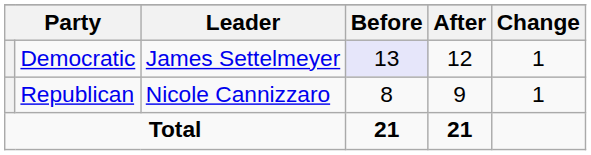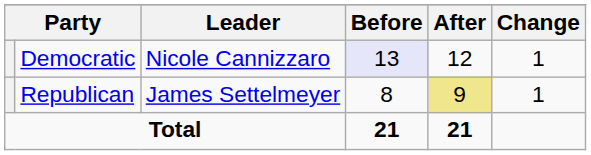 <table class="wikitable" style="text-align:center;">
 <tr>
 </tr>
 <tr>
 <th colspan=2>Party</th>
 <th>Leader</th>
 <th>Before</th>
 <th>After</th>
 <th>Change</th>
 </tr>
 <tr>
 <th style="background-color:"></th>
 <td style="text-align:left;"><a href='#'>Democratic</a></td>
-<td style="text-align:left;"><a href='#'>James Settelmeyer</a></td>
+<td style="text-align:left;"><a href='#'>Nicole Cannizzaro</a></td>
 <td style="background: lavender;">13</td>
 <td>12</td>
 <td> 1</td>
 </tr>
 <tr>
 <th style="background-color:"></th>
 <td style="text-align:left;"><a href='#'>Republican</a></td>
-<td style="text-align:left;"><a href='#'>Nicole Cannizzaro</a></td>
+<td style="text-align:left;"><a href='#'>James Settelmeyer</a></td>
 <td>8</td>
-<td>9</td>
+<td style="background: khaki;">9</td>
 <td> 1</td>
 </tr>
 <tr>
 <td colspan=3><strong>Total</strong></td>
 <td><strong>21</strong></td>
 <td><strong>21</strong></td>
 <td></td>
 </tr>
 </table>
